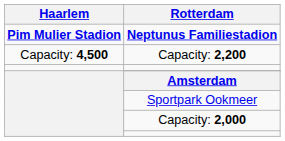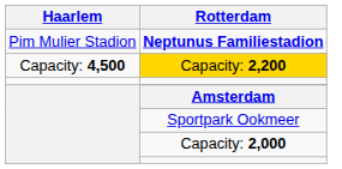 <table class="wikitable" style="text-align:center">
 <tr>
 <th><strong><a href='#'>Haarlem</a></strong></th>
 <th><strong><a href='#'>Rotterdam</a></strong></th>
 </tr>
 <tr>
-<td><strong><a href='#'>Pim Mulier Stadion</a></strong></td>
+<td><a href='#'>Pim Mulier Stadion</a></td>
 <td><strong><a href='#'>Neptunus Familiestadion</a></strong></td>
 </tr>
 <tr>
 <td>Capacity: <strong>4,500</strong></td>
-<td>Capacity: <strong>2,200</strong></td>
+<td style="background: gold;">Capacity: <strong>2,200</strong></td>
 </tr>
 <tr>
 <td></td>
 <td></td>
 </tr>
 <tr>
 <th rowspan="8"></th>
 </tr>
 <tr>
 <th><strong><a href='#'>Amsterdam</a></strong></th>
 </tr>
 <tr>
 <td><a href='#'>Sportpark Ookmeer</a></td>
 </tr>
 <tr>
 <td>Capacity: <strong>2,000</strong></td>
 </tr>
 <tr>
 <td></td>
 </tr>
 </table>
